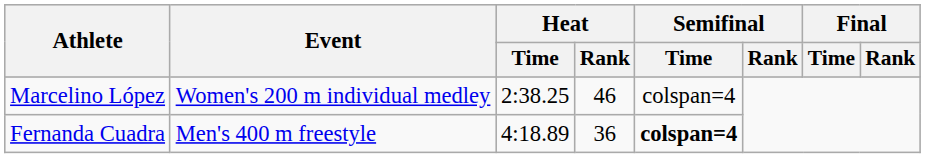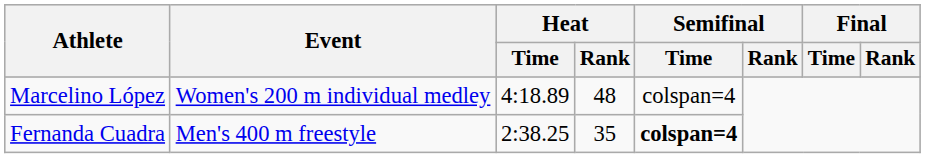 <table class=wikitable style=font-size:90%;text-align:center>
 <tr>
 <th rowspan=2>Athlete</th>
 <th rowspan=2>Event</th>
 <th colspan=2>Heat</th>
 <th colspan=2>Semifinal</th>
 <th colspan=2>Final</th>
 </tr>
 <tr style=font-size:95%>
 <th>Time</th>
 <th>Rank</th>
 <th>Time</th>
 <th>Rank</th>
 <th>Time</th>
 <th>Rank</th>
 </tr>
 <tr>
 <td align=left><a href='#'>Marcelino López</a></td>
 <td align=left><a href='#'>Women's 200 m individual medley</a></td>
-<td>2:38.25</td>
-<td>46</td>
+<td>4:18.89</td>
+<td>48</td>
 <td>colspan=4 </td>
 </tr>
 <tr>
 <td align=left><a href='#'>Fernanda Cuadra</a></td>
 <td align=left><a href='#'>Men's 400 m freestyle</a></td>
-<td>4:18.89</td>
-<td>36</td>
+<td>2:38.25</td>
+<td>35</td>
 <td><strong>colspan=4 </strong></td>
 </tr>
 </table>
